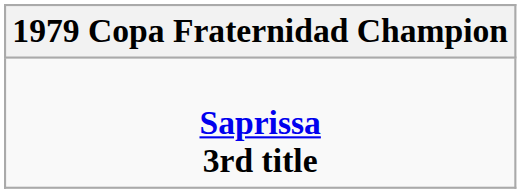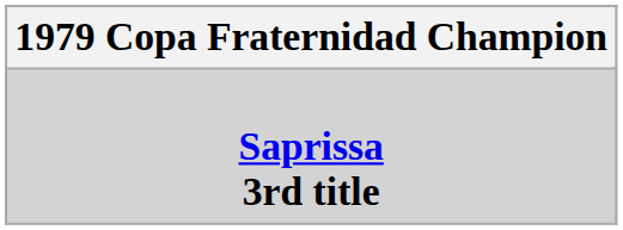 <table class="wikitable" border="1" style="text-align: center; margin: 0 auto;">
 <tr>
 <th>1979 Copa Fraternidad Champion</th>
 </tr>
 <tr>
-<td align="center"><br><strong><a href='#'>Saprissa</a><br>3rd title</strong></td>
+<td align="center" style="background: lightgrey;"><br><strong><a href='#'>Saprissa</a><br>3rd title</strong></td>
 </tr>
 </table>
